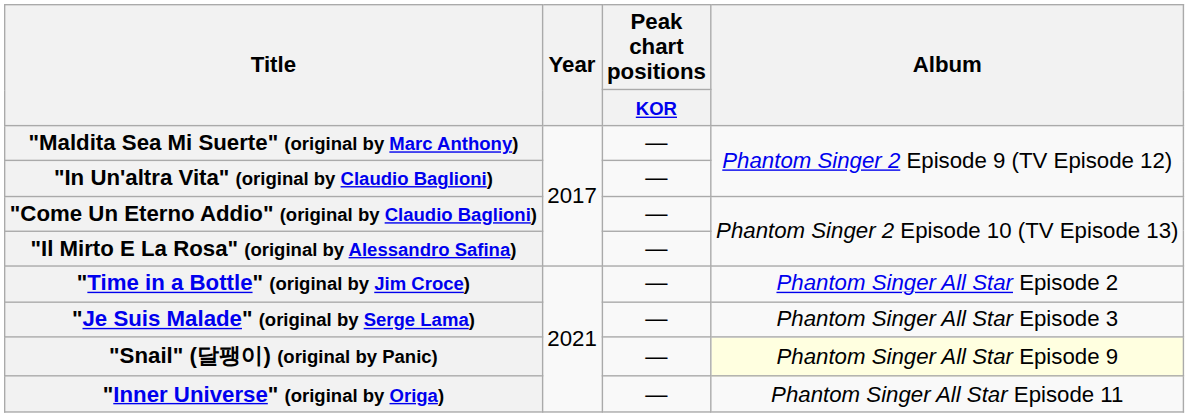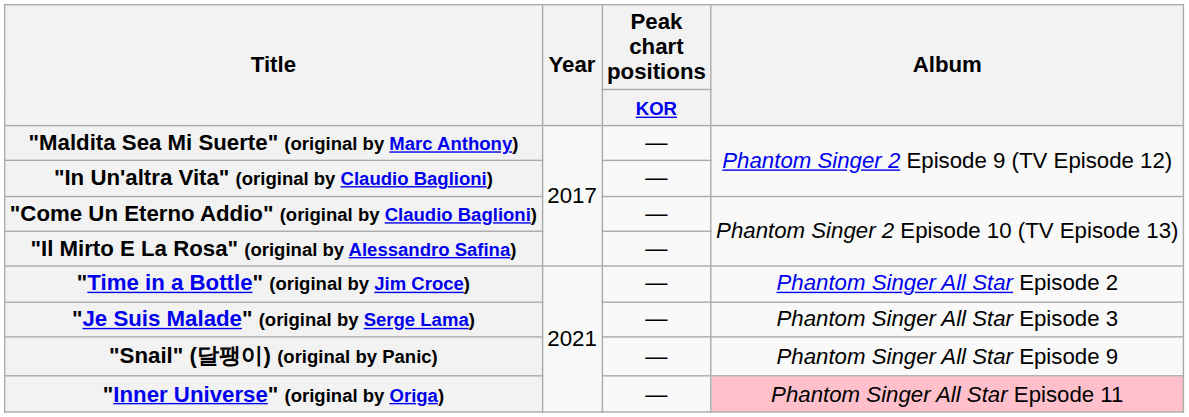 <table class="wikitable plainrowheaders" style="text-align:center;" border="1">
 <tr>
 <th scope="col" rowspan="2">Title</th>
 <th scope="col" rowspan="2">Year</th>
 <th scope="col" colspan="1">Peak chart positions</th>
 <th scope="col" rowspan="2">Album</th>
 </tr>
 <tr>
 <th style="width:2.5em;"><small><a href='#'>KOR</a></small><br></th>
 </tr>
 <tr>
 <th scope="row">"Maldita Sea Mi Suerte" <small>(original by <a href='#'>Marc Anthony</a>)</small></th>
 <td rowspan="4">2017</td>
 <td>—</td>
 <td rowspan="2"><em><a href='#'>Phantom Singer 2</a></em> Episode 9 (TV Episode 12)</td>
 </tr>
 <tr>
 <th scope="row">"In Un'altra Vita" <small>(original by <a href='#'>Claudio Baglioni</a>)</small></th>
 <td>—</td>
 </tr>
 <tr>
 <th scope="row">"Come Un Eterno Addio" <small>(original by <a href='#'>Claudio Baglioni</a>)</small></th>
 <td>—</td>
 <td rowspan="2"><em>Phantom Singer 2</em> Episode 10 (TV Episode 13)</td>
 </tr>
 <tr>
 <th scope="row">"Il Mirto E La Rosa" <small>(original by <a href='#'>Alessandro Safina</a>)</small></th>
 <td>—</td>
 </tr>
 <tr>
 <th scope="row">"<a href='#'>Time in a Bottle</a>" <small>(original by <a href='#'>Jim Croce</a>)</small></th>
 <td rowspan="4">2021</td>
 <td>—</td>
 <td><em><a href='#'>Phantom Singer All Star</a></em> Episode 2</td>
 </tr>
 <tr>
 <th scope="row">"<a href='#'>Je Suis Malade</a>" <small>(original by <a href='#'>Serge Lama</a>)</small></th>
 <td>—</td>
 <td><em>Phantom Singer All Star</em> Episode 3</td>
 </tr>
 <tr>
 <th scope="row">"Snail" (달팽이) <small>(original by Panic)</small></th>
 <td>—</td>
-<td style="background: lightyellow;"><em>Phantom Singer All Star</em> Episode 9</td>
+<td><em>Phantom Singer All Star</em> Episode 9</td>
 </tr>
 <tr>
 <th scope="row">"<a href='#'>Inner Universe</a>" <small>(original by <a href='#'>Origa</a>)</small></th>
 <td>—</td>
-<td><em>Phantom Singer All Star</em> Episode 11</td>
+<td style="background: pink;"><em>Phantom Singer All Star</em> Episode 11</td>
 </tr>
 </table>
